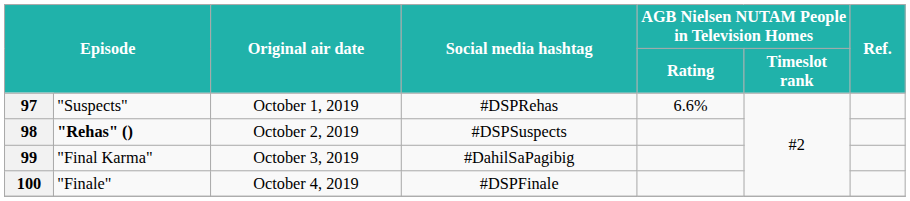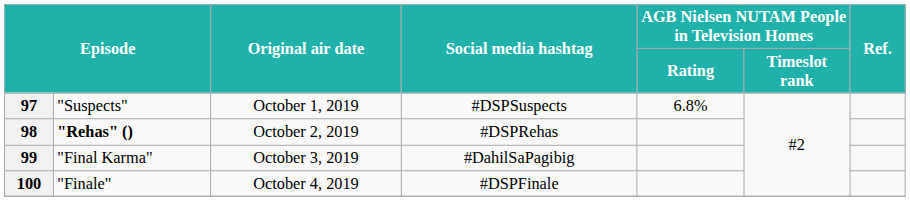 <table class="wikitable" style="text-align:center; font-size:100%; line-height:18px;" width="100%">
 <tr>
 <th style="background-color:#20B2AA; color:#ffffff;" colspan="2" rowspan="2">Episode</th>
 <th style="background-color:#20B2AA; color:white" rowspan="2">Original air date</th>
 <th style="background-color:#20B2AA; color:white" rowspan="2">Social media hashtag</th>
 <th style="background-color:#20B2AA; color:#ffffff;" colspan="2">AGB Nielsen NUTAM People in Television Homes</th>
 <th style="background-color:#20B2AA;  color:#ffffff;" rowspan="2">Ref.</th>
 </tr>
 <tr>
 <th style="background-color:#20B2AA; width:75px; color:#ffffff;">Rating</th>
 <th style="background-color:#20B2AA;  width:75px; color:#ffffff;">Timeslot<br>rank</th>
 </tr>
 <tr>
 <th>97</th>
 <td style="text-align: left;">"Suspects"</td>
 <td>October 1, 2019</td>
-<td>#DSPRehas</td>
-<td>6.6%</td>
+<td>#DSPSuspects</td>
+<td>6.8%</td>
 <td rowspan="4">#2</td>
 <td></td>
 </tr>
 <tr>
 <th>98</th>
 <td style="text-align: left;"><strong>"Rehas" ()</strong></td>
 <td>October 2, 2019</td>
-<td>#DSPSuspects</td>
+<td>#DSPRehas</td>
 <td></td>
 <td></td>
 </tr>
 <tr>
 <th>99</th>
 <td style="text-align: left;">"Final Karma"</td>
 <td>October 3, 2019</td>
 <td>#DahilSaPagibig</td>
 <td></td>
 <td></td>
 </tr>
 <tr>
 <th>100</th>
 <td style="text-align: left;">"Finale"</td>
 <td>October 4, 2019</td>
 <td>#DSPFinale</td>
 <td></td>
 <td></td>
 </tr>
 <tr>
 </tr>
 </table>
